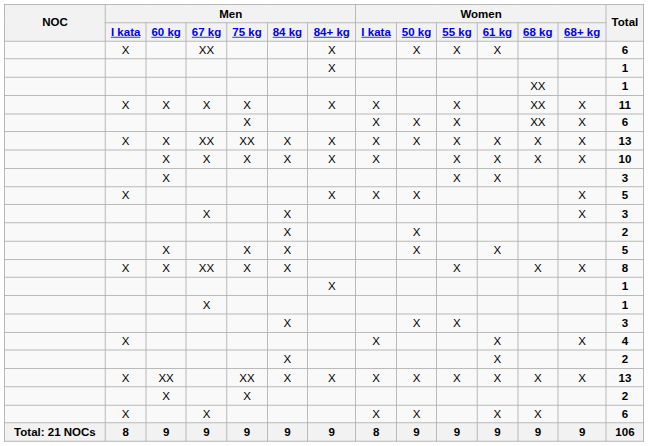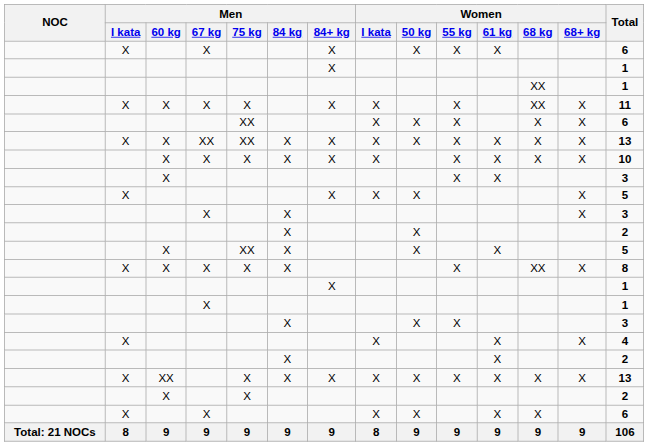 <table class="wikitable" width=800 style="text-align:center; font-size:90%">
 <tr>
 <th rowspan="2" align="left">NOC</th>
 <th colspan="6">Men</th>
 <th colspan="6">Women</th>
 <th rowspan="2">Total</th>
 </tr>
 <tr>
 <th><a href='#'>I kata</a></th>
 <th><a href='#'>60 kg</a></th>
 <th><a href='#'>67 kg</a></th>
 <th><a href='#'>75 kg</a></th>
 <th><a href='#'>84 kg</a></th>
 <th><a href='#'>84+ kg</a></th>
 <th><a href='#'>I kata</a></th>
 <th><a href='#'>50 kg</a></th>
 <th><a href='#'>55 kg</a></th>
 <th><a href='#'>61 kg</a></th>
 <th><a href='#'>68 kg</a></th>
 <th><a href='#'>68+ kg</a></th>
 </tr>
 <tr>
 <td align="left"></td>
 <td>X</td>
 <td></td>
-<td>XX</td>
+<td>X</td>
 <td></td>
 <td></td>
 <td>X</td>
 <td></td>
 <td>X</td>
 <td>X</td>
 <td>X</td>
 <td></td>
 <td></td>
 <td><strong>6</strong></td>
 </tr>
 <tr>
 <td align="left"></td>
 <td></td>
 <td></td>
 <td></td>
 <td></td>
 <td></td>
 <td>X</td>
 <td></td>
 <td></td>
 <td></td>
 <td></td>
 <td></td>
 <td></td>
 <td><strong>1</strong></td>
 </tr>
 <tr>
 <td align="left"></td>
 <td></td>
 <td></td>
 <td></td>
 <td></td>
 <td></td>
 <td></td>
 <td></td>
 <td></td>
 <td></td>
 <td></td>
 <td>XX</td>
 <td></td>
 <td><strong>1</strong></td>
 </tr>
 <tr>
 <td align="left"></td>
 <td>X</td>
 <td>X</td>
 <td>X</td>
 <td>X</td>
 <td></td>
 <td>X</td>
 <td>X</td>
 <td></td>
 <td>X</td>
 <td></td>
 <td>XX</td>
 <td>X</td>
 <td><strong>11</strong></td>
 </tr>
 <tr>
 <td align="left"></td>
 <td></td>
 <td></td>
 <td></td>
-<td>X</td>
+<td>XX</td>
 <td></td>
 <td></td>
 <td>X</td>
 <td>X</td>
 <td>X</td>
 <td></td>
-<td>XX</td>
+<td>X</td>
 <td>X</td>
 <td><strong>6</strong></td>
 </tr>
 <tr>
 <td align="left"></td>
 <td>X</td>
 <td>X</td>
 <td>XX</td>
 <td>XX</td>
 <td>X</td>
 <td>X</td>
 <td>X</td>
 <td>X</td>
 <td>X</td>
 <td>X</td>
 <td>X</td>
 <td>X</td>
 <td><strong>13</strong></td>
 </tr>
 <tr>
 <td align="left"></td>
 <td></td>
 <td>X</td>
 <td>X</td>
 <td>X</td>
 <td>X</td>
 <td>X</td>
 <td>X</td>
 <td></td>
 <td>X</td>
 <td>X</td>
 <td>X</td>
 <td>X</td>
 <td><strong>10</strong></td>
 </tr>
 <tr>
 <td align="left"></td>
 <td></td>
 <td>X</td>
 <td></td>
 <td></td>
 <td></td>
 <td></td>
 <td></td>
 <td></td>
 <td>X</td>
 <td>X</td>
 <td></td>
 <td></td>
 <td><strong>3</strong></td>
 </tr>
 <tr>
 <td align="left"></td>
 <td>X</td>
 <td></td>
 <td></td>
 <td></td>
 <td></td>
 <td>X</td>
 <td>X</td>
 <td>X</td>
 <td></td>
 <td></td>
 <td></td>
 <td>X</td>
 <td><strong>5</strong></td>
 </tr>
 <tr>
 <td align="left"></td>
 <td></td>
 <td></td>
 <td>X</td>
 <td></td>
 <td>X</td>
 <td></td>
 <td></td>
 <td></td>
 <td></td>
 <td></td>
 <td></td>
 <td>X</td>
 <td><strong>3</strong></td>
 </tr>
 <tr>
 <td align="left"></td>
 <td></td>
 <td></td>
 <td></td>
 <td></td>
 <td>X</td>
 <td></td>
 <td></td>
 <td>X</td>
 <td></td>
 <td></td>
 <td></td>
 <td></td>
 <td><strong>2</strong></td>
 </tr>
 <tr>
 <td align="left"></td>
 <td></td>
 <td>X</td>
 <td></td>
-<td>X</td>
+<td>XX</td>
 <td>X</td>
 <td></td>
 <td></td>
 <td>X</td>
 <td></td>
 <td>X</td>
 <td></td>
 <td></td>
 <td><strong>5</strong></td>
 </tr>
 <tr>
 <td align="left"></td>
 <td>X</td>
 <td>X</td>
-<td>XX</td>
+<td>X</td>
 <td>X</td>
 <td>X</td>
 <td></td>
 <td></td>
 <td></td>
 <td>X</td>
 <td></td>
-<td>X</td>
+<td>XX</td>
 <td>X</td>
 <td><strong>8</strong></td>
 </tr>
 <tr>
 <td align="left"></td>
 <td></td>
 <td></td>
 <td></td>
 <td></td>
 <td></td>
 <td>X</td>
 <td></td>
 <td></td>
 <td></td>
 <td></td>
 <td></td>
 <td></td>
 <td><strong>1</strong></td>
 </tr>
 <tr>
 <td align="left"></td>
 <td></td>
 <td></td>
 <td>X</td>
 <td></td>
 <td></td>
 <td></td>
 <td></td>
 <td></td>
 <td></td>
 <td></td>
 <td></td>
 <td></td>
 <td><strong>1</strong></td>
 </tr>
 <tr>
 <td align="left"></td>
 <td></td>
 <td></td>
 <td></td>
 <td></td>
 <td>X</td>
 <td></td>
 <td></td>
 <td>X</td>
 <td>X</td>
 <td></td>
 <td></td>
 <td></td>
 <td><strong>3</strong></td>
 </tr>
 <tr>
 <td align="left"></td>
 <td>X</td>
 <td></td>
 <td></td>
 <td></td>
 <td></td>
 <td></td>
 <td>X</td>
 <td></td>
 <td></td>
 <td>X</td>
 <td></td>
 <td>X</td>
 <td><strong>4</strong></td>
 </tr>
 <tr>
 <td align="left"></td>
 <td></td>
 <td></td>
 <td></td>
 <td></td>
 <td>X</td>
 <td></td>
 <td></td>
 <td></td>
 <td></td>
 <td>X</td>
 <td></td>
 <td></td>
 <td><strong>2</strong></td>
 </tr>
 <tr>
 <td align="left"></td>
 <td>X</td>
 <td>XX</td>
 <td></td>
-<td>XX</td>
+<td>X</td>
 <td>X</td>
 <td>X</td>
 <td>X</td>
 <td>X</td>
 <td>X</td>
 <td>X</td>
 <td>X</td>
 <td>X</td>
 <td><strong>13</strong></td>
 </tr>
 <tr>
 <td align="left"></td>
 <td></td>
 <td>X</td>
 <td></td>
 <td>X</td>
 <td></td>
 <td></td>
 <td></td>
 <td></td>
 <td></td>
 <td></td>
 <td></td>
 <td></td>
 <td><strong>2</strong></td>
 </tr>
 <tr>
 <td align="left"></td>
 <td>X</td>
 <td></td>
 <td>X</td>
 <td></td>
 <td></td>
 <td></td>
 <td>X</td>
 <td>X</td>
 <td></td>
 <td>X</td>
 <td>X</td>
 <td></td>
 <td><strong>6</strong></td>
 </tr>
 <tr>
 <th>Total: 21 NOCs</th>
 <th>8</th>
 <th>9</th>
 <th>9</th>
 <th>9</th>
 <th>9</th>
 <th>9</th>
 <th>8</th>
 <th>9</th>
 <th>9</th>
 <th>9</th>
 <th>9</th>
 <th>9</th>
 <th>106</th>
 </tr>
 </table>
